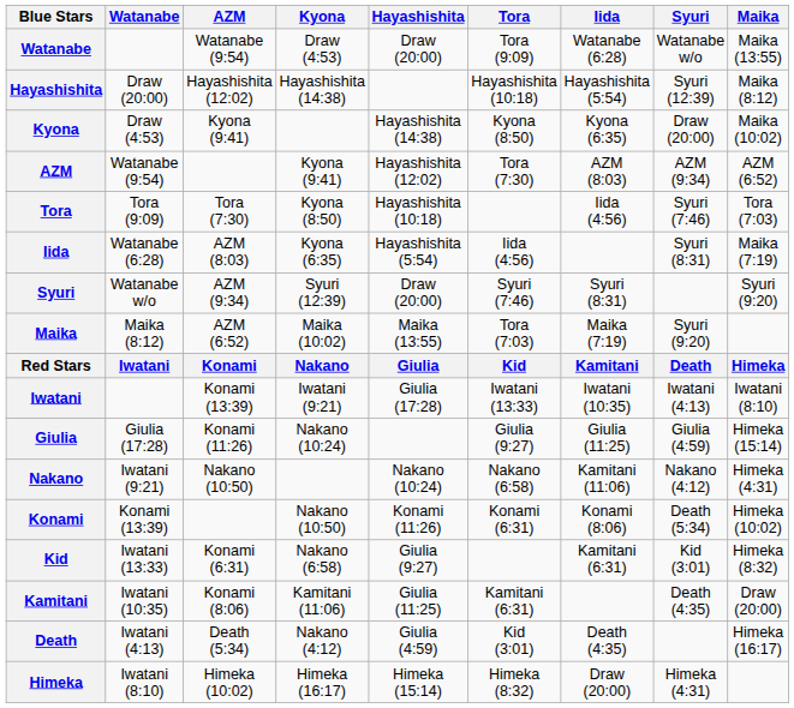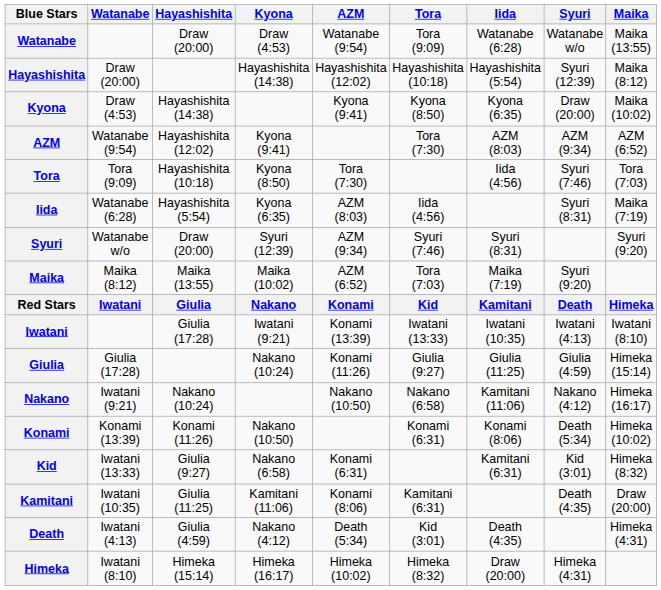 <table class="wikitable" style="text-align:center; margin: 1em auto 1em auto;" width="25%">
 <tr>
 <th>Blue Stars</th>
 <th><a href='#'>Watanabe</a></th>
+<th><a href='#'>Hayashishita</a></th>
+<th><a href='#'>Kyona</a></th>
 <th><a href='#'>AZM</a></th>
-<th><a href='#'>Kyona</a></th>
-<th><a href='#'>Hayashishita</a></th>
 <th><a href='#'>Tora</a></th>
 <th><a href='#'>Iida</a></th>
 <th><a href='#'>Syuri</a></th>
 <th><a href='#'>Maika</a></th>
 </tr>
 <tr>
 <th><a href='#'>Watanabe</a></th>
 <td></td>
+<td>Draw<br>(20:00)</td>
+<td>Draw<br>(4:53)</td>
 <td>Watanabe<br>(9:54)</td>
-<td>Draw<br>(4:53)</td>
-<td>Draw<br>(20:00)</td>
 <td>Tora<br>(9:09)</td>
 <td>Watanabe<br>(6:28)</td>
 <td>Watanabe<br>w/o</td>
 <td>Maika<br>(13:55)</td>
 </tr>
 <tr>
 <th><a href='#'>Hayashishita</a></th>
 <td>Draw<br>(20:00)</td>
+<td></td>
+<td>Hayashishita<br>(14:38)</td>
 <td>Hayashishita<br>(12:02)</td>
-<td>Hayashishita<br>(14:38)</td>
-<td></td>
 <td>Hayashishita<br>(10:18)</td>
 <td>Hayashishita<br>(5:54)</td>
 <td>Syuri<br>(12:39)</td>
 <td>Maika<br>(8:12)</td>
 </tr>
 <tr>
 <th><a href='#'>Kyona</a></th>
 <td>Draw<br>(4:53)</td>
+<td>Hayashishita<br>(14:38)</td>
+<td></td>
 <td>Kyona<br>(9:41)</td>
-<td></td>
-<td>Hayashishita<br>(14:38)</td>
 <td>Kyona<br>(8:50)</td>
 <td>Kyona<br>(6:35)</td>
 <td>Draw<br>(20:00)</td>
 <td>Maika<br>(10:02)</td>
 </tr>
 <tr>
 <th><a href='#'>AZM</a></th>
 <td>Watanabe<br>(9:54)</td>
+<td>Hayashishita<br>(12:02)</td>
+<td>Kyona<br>(9:41)</td>
 <td></td>
-<td>Kyona<br>(9:41)</td>
-<td>Hayashishita<br>(12:02)</td>
 <td>Tora<br>(7:30)</td>
 <td>AZM<br>(8:03)</td>
 <td>AZM<br>(9:34)</td>
 <td>AZM<br>(6:52)</td>
 </tr>
 <tr>
 <th><a href='#'>Tora</a></th>
 <td>Tora<br>(9:09)</td>
+<td>Hayashishita<br>(10:18)</td>
+<td>Kyona<br>(8:50)</td>
 <td>Tora<br>(7:30)</td>
-<td>Kyona<br>(8:50)</td>
-<td>Hayashishita<br>(10:18)</td>
 <td></td>
 <td>Iida<br>(4:56)</td>
 <td>Syuri<br>(7:46)</td>
 <td>Tora<br>(7:03)</td>
 </tr>
 <tr>
 <th><a href='#'>Iida</a></th>
 <td>Watanabe<br>(6:28)</td>
+<td>Hayashishita<br>(5:54)</td>
+<td>Kyona<br>(6:35)</td>
 <td>AZM<br>(8:03)</td>
-<td>Kyona<br>(6:35)</td>
-<td>Hayashishita<br>(5:54)</td>
 <td>Iida<br>(4:56)</td>
 <td></td>
 <td>Syuri<br>(8:31)</td>
 <td>Maika<br>(7:19)</td>
 </tr>
 <tr>
 <th><a href='#'>Syuri</a></th>
 <td>Watanabe<br>w/o</td>
+<td>Draw<br>(20:00)</td>
+<td>Syuri<br>(12:39)</td>
 <td>AZM<br>(9:34)</td>
-<td>Syuri<br>(12:39)</td>
-<td>Draw<br>(20:00)</td>
 <td>Syuri<br>(7:46)</td>
 <td>Syuri<br>(8:31)</td>
 <td></td>
 <td>Syuri<br>(9:20)</td>
 </tr>
 <tr>
 <th><a href='#'>Maika</a></th>
 <td>Maika<br>(8:12)</td>
+<td>Maika<br>(13:55)</td>
+<td>Maika<br>(10:02)</td>
 <td>AZM<br>(6:52)</td>
-<td>Maika<br>(10:02)</td>
-<td>Maika<br>(13:55)</td>
 <td>Tora<br>(7:03)</td>
 <td>Maika<br>(7:19)</td>
 <td>Syuri<br>(9:20)</td>
 <td></td>
 </tr>
 <tr>
 <th>Red Stars</th>
 <th><a href='#'>Iwatani</a></th>
+<th><a href='#'>Giulia</a></th>
+<th><a href='#'>Nakano</a></th>
 <th><a href='#'>Konami</a></th>
-<th><a href='#'>Nakano</a></th>
-<th><a href='#'>Giulia</a></th>
 <th><a href='#'>Kid</a></th>
 <th><a href='#'>Kamitani</a></th>
 <th><a href='#'>Death</a></th>
 <th><a href='#'>Himeka</a></th>
 </tr>
 <tr>
 <th><a href='#'>Iwatani</a></th>
 <td></td>
+<td>Giulia<br>(17:28)</td>
+<td>Iwatani<br>(9:21)</td>
 <td>Konami<br>(13:39)</td>
-<td>Iwatani<br>(9:21)</td>
-<td>Giulia<br>(17:28)</td>
 <td>Iwatani<br>(13:33)</td>
 <td>Iwatani<br>(10:35)</td>
 <td>Iwatani<br>(4:13)</td>
 <td>Iwatani<br>(8:10)</td>
 </tr>
 <tr>
 <th><a href='#'>Giulia</a></th>
 <td>Giulia<br>(17:28)</td>
+<td></td>
+<td>Nakano<br>(10:24)</td>
 <td>Konami<br>(11:26)</td>
-<td>Nakano<br>(10:24)</td>
-<td></td>
 <td>Giulia<br>(9:27)</td>
 <td>Giulia<br>(11:25)</td>
 <td>Giulia<br>(4:59)</td>
 <td>Himeka<br>(15:14)</td>
 </tr>
 <tr>
 <th><a href='#'>Nakano</a></th>
 <td>Iwatani<br>(9:21)</td>
+<td>Nakano<br>(10:24)</td>
+<td></td>
 <td>Nakano<br>(10:50)</td>
-<td></td>
-<td>Nakano<br>(10:24)</td>
 <td>Nakano<br>(6:58)</td>
 <td>Kamitani<br>(11:06)</td>
 <td>Nakano<br>(4:12)</td>
-<td>Himeka<br>(4:31)</td>
+<td>Himeka<br>(16:17)</td>
 </tr>
 <tr>
 <th><a href='#'>Konami</a></th>
 <td>Konami<br>(13:39)</td>
+<td>Konami<br>(11:26)</td>
+<td>Nakano<br>(10:50)</td>
 <td></td>
-<td>Nakano<br>(10:50)</td>
-<td>Konami<br>(11:26)</td>
 <td>Konami<br>(6:31)</td>
 <td>Konami<br>(8:06)</td>
 <td>Death<br>(5:34)</td>
 <td>Himeka<br>(10:02)</td>
 </tr>
 <tr>
 <th><a href='#'>Kid</a></th>
 <td>Iwatani<br>(13:33)</td>
+<td>Giulia<br>(9:27)</td>
+<td>Nakano<br>(6:58)</td>
 <td>Konami<br>(6:31)</td>
-<td>Nakano<br>(6:58)</td>
-<td>Giulia<br>(9:27)</td>
 <td></td>
 <td>Kamitani<br>(6:31)</td>
 <td>Kid<br>(3:01)</td>
 <td>Himeka<br>(8:32)</td>
 </tr>
 <tr>
 <th><a href='#'>Kamitani</a></th>
 <td>Iwatani<br>(10:35)</td>
+<td>Giulia<br>(11:25)</td>
+<td>Kamitani<br>(11:06)</td>
 <td>Konami<br>(8:06)</td>
-<td>Kamitani<br>(11:06)</td>
-<td>Giulia<br>(11:25)</td>
 <td>Kamitani<br>(6:31)</td>
 <td></td>
 <td>Death<br>(4:35)</td>
 <td>Draw<br>(20:00)</td>
 </tr>
 <tr>
 <th><a href='#'>Death</a></th>
 <td>Iwatani<br>(4:13)</td>
+<td>Giulia<br>(4:59)</td>
+<td>Nakano<br>(4:12)</td>
 <td>Death<br>(5:34)</td>
-<td>Nakano<br>(4:12)</td>
-<td>Giulia<br>(4:59)</td>
 <td>Kid<br>(3:01)</td>
 <td>Death<br>(4:35)</td>
 <td></td>
-<td>Himeka<br>(16:17)</td>
+<td>Himeka<br>(4:31)</td>
 </tr>
 <tr>
 <th><a href='#'>Himeka</a></th>
 <td>Iwatani<br>(8:10)</td>
+<td>Himeka<br>(15:14)</td>
+<td>Himeka<br>(16:17)</td>
 <td>Himeka<br>(10:02)</td>
-<td>Himeka<br>(16:17)</td>
-<td>Himeka<br>(15:14)</td>
 <td>Himeka<br>(8:32)</td>
 <td>Draw<br>(20:00)</td>
 <td>Himeka<br>(4:31)</td>
 <td></td>
 </tr>
 </table>
